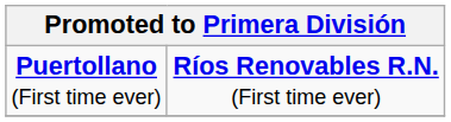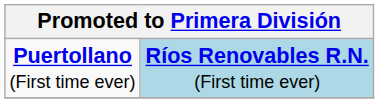 <table class="wikitable" style="text-align: center; margin: 0 auto;">
 <tr>
 <th colspan="2">Promoted to <a href='#'>Primera División</a></th>
 </tr>
 <tr>
 <td><strong><a href='#'>Puertollano</a></strong><br><small>(First time ever)</small></td>
-<td><strong><a href='#'>Ríos Renovables R.N.</a></strong><br><small>(First time ever)</small></td>
+<td style="background: lightblue;"><strong><a href='#'>Ríos Renovables R.N.</a></strong><br><small>(First time ever)</small></td>
 </tr>
 <tr>
 </tr>
 </table>
